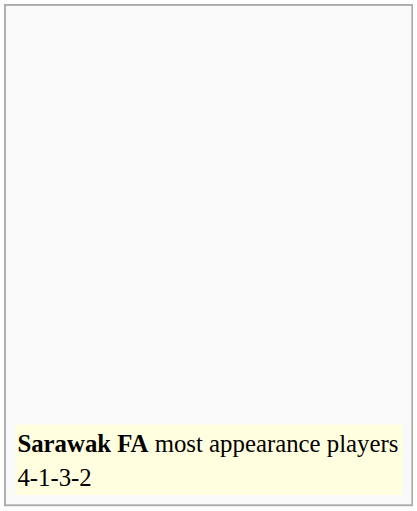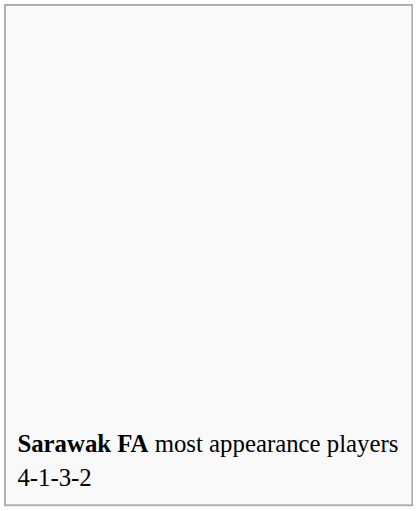 <table class="infobox" width="220px">
 <tr>
 <td><div><br><br> <br> <br> <br> <br> <br> <br> <br> <br> <br> <br>  </div></td>
 </tr>
 <tr>
-<td style="background: lightyellow;"><small><strong>Sarawak FA</strong> most appearance players 4-1-3-2</small></td>
+<td><small><strong>Sarawak FA</strong> most appearance players 4-1-3-2</small></td>
 </tr>
 </table>
